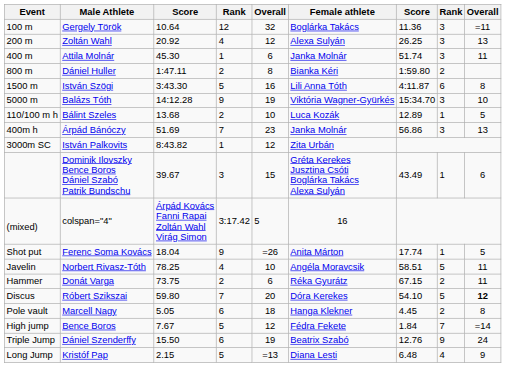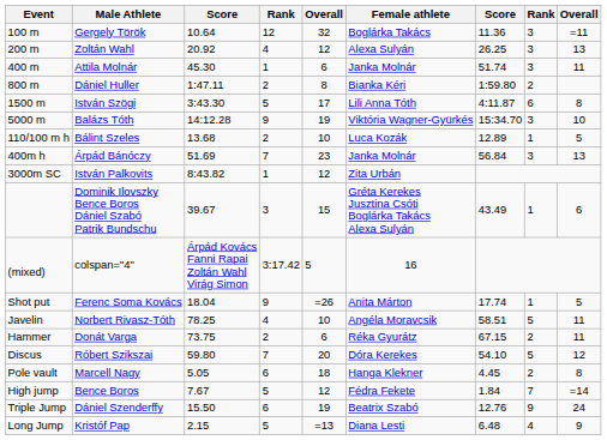 <table class="wikitable" style="text-align:left; font-size:90%">
 <tr>
 <th>Event</th>
 <th>Male Athlete</th>
 <th>Score</th>
 <th>Rank</th>
 <th>Overall</th>
 <th>Female athlete</th>
 <th>Score</th>
 <th>Rank</th>
 <th>Overall</th>
 </tr>
 <tr>
 <td align="left">100 m</td>
 <td><a href='#'>Gergely Török</a></td>
 <td>10.64</td>
 <td>12</td>
 <td align=center>32</td>
 <td><a href='#'>Boglárka Takács</a></td>
 <td>11.36</td>
 <td>3</td>
 <td align=center>=11</td>
 </tr>
 <tr>
 <td>200 m</td>
 <td><a href='#'>Zoltán Wahl</a></td>
 <td>20.92</td>
 <td>4</td>
 <td align=center>12</td>
 <td><a href='#'>Alexa Sulyán</a></td>
 <td>26.25</td>
 <td>3</td>
 <td align=center>13</td>
 </tr>
 <tr>
 <td>400 m</td>
 <td><a href='#'>Attila Molnár</a></td>
 <td>45.30</td>
 <td>1</td>
 <td align=center>6</td>
 <td><a href='#'>Janka Molnár</a></td>
 <td>51.74</td>
 <td>3</td>
 <td align=center>11</td>
 </tr>
 <tr>
 <td>800 m</td>
 <td><a href='#'>Dániel Huller</a></td>
 <td>1:47.11</td>
 <td>2</td>
 <td align=center>8</td>
 <td><a href='#'>Bianka Kéri</a></td>
 <td>1:59.80</td>
 <td>2</td>
 <td align=center></td>
 </tr>
 <tr>
 <td>1500 m</td>
 <td><a href='#'>István Szögi</a></td>
 <td>3:43.30</td>
 <td>5</td>
-<td align=center>16</td>
+<td align=center>17</td>
 <td><a href='#'>Lili Anna Tóth</a></td>
 <td>4:11.87</td>
 <td>6</td>
 <td align=center>8</td>
 </tr>
 <tr>
 <td>5000 m</td>
 <td><a href='#'>Balázs Tóth</a></td>
 <td>14:12.28</td>
 <td>9</td>
 <td align=center>19</td>
 <td><a href='#'>Viktória Wagner-Gyürkés</a></td>
 <td>15:34.70</td>
 <td>3</td>
 <td align=center>10</td>
 </tr>
 <tr>
 <td>110/100 m h</td>
 <td><a href='#'>Bálint Szeles</a></td>
 <td>13.68</td>
 <td>2</td>
 <td align=center>10</td>
 <td><a href='#'>Luca Kozák</a></td>
 <td>12.89</td>
 <td>1</td>
 <td align=center>5</td>
 </tr>
 <tr>
 <td>400m h</td>
 <td><a href='#'>Árpád Bánóczy</a></td>
 <td>51.69</td>
 <td>7</td>
 <td align=center>23</td>
 <td><a href='#'>Janka Molnár</a></td>
-<td>56.86</td>
+<td>56.84</td>
 <td>3</td>
 <td align=center>13</td>
 </tr>
 <tr>
 <td>3000m SC</td>
 <td><a href='#'>István Palkovits</a></td>
 <td>8:43.82</td>
 <td>1</td>
 <td align=center>12</td>
 <td><a href='#'>Zita Urbán</a></td>
 <td colspan=3 align=center></td>
 </tr>
 <tr>
 <td></td>
 <td><a href='#'>Dominik Ilovszky</a><br><a href='#'>Bence Boros</a><br><a href='#'>Dániel Szabó</a><br><a href='#'>Patrik Bundschu</a></td>
 <td>39.67</td>
 <td>3</td>
 <td align=center>15</td>
 <td><a href='#'>Gréta Kerekes</a><br><a href='#'>Jusztina Csóti</a><br><a href='#'>Boglárka Takács</a><br><a href='#'>Alexa Sulyán</a></td>
 <td>43.49</td>
 <td>1</td>
 <td align=center>6</td>
 </tr>
 <tr>
 <td><br>(mixed)</td>
 <td>colspan="4" </td>
 <td><a href='#'>Árpád Kovács</a><br><a href='#'>Fanni Rapai</a><br><a href='#'>Zoltán Wahl</a><br><a href='#'>Virág Simon</a></td>
 <td>3:17.42</td>
 <td>5</td>
 <td align=center>16</td>
 </tr>
 <tr>
 <td>Shot put</td>
 <td><a href='#'>Ferenc Soma Kovács</a></td>
 <td>18.04</td>
 <td>9</td>
 <td align=center>=26</td>
 <td><a href='#'>Anita Márton</a></td>
 <td>17.74</td>
 <td>1</td>
 <td align=center>5</td>
 </tr>
 <tr>
 <td>Javelin</td>
 <td><a href='#'>Norbert Rivasz-Tóth</a></td>
 <td>78.25</td>
 <td>4</td>
 <td align=center>10</td>
 <td><a href='#'>Angéla Moravcsik</a></td>
 <td>58.51</td>
 <td>5</td>
 <td align=center>11</td>
 </tr>
 <tr>
 <td>Hammer</td>
 <td><a href='#'>Donát Varga</a></td>
 <td>73.75</td>
 <td>2</td>
 <td align=center>6</td>
 <td><a href='#'>Réka Gyurátz</a></td>
 <td>67.15</td>
 <td>2</td>
 <td align=center>11</td>
 </tr>
 <tr>
 <td>Discus</td>
 <td><a href='#'>Róbert Szikszai</a></td>
 <td>59.80</td>
 <td>7</td>
 <td align=center>20</td>
 <td><a href='#'>Dóra Kerekes</a></td>
 <td>54.10</td>
 <td>5</td>
-<td align=center><strong>12</strong></td>
+<td align=center>12</td>
 </tr>
 <tr>
 <td>Pole vault</td>
 <td><a href='#'>Marcell Nagy</a></td>
 <td>5.05</td>
 <td>6</td>
 <td align=center>18</td>
 <td><a href='#'>Hanga Klekner</a></td>
 <td>4.45</td>
 <td>2</td>
 <td align=center>8</td>
 </tr>
 <tr>
 <td>High jump</td>
 <td><a href='#'>Bence Boros</a></td>
 <td>7.67</td>
 <td>5</td>
 <td align=center>12</td>
 <td><a href='#'>Fédra Fekete</a></td>
 <td>1.84</td>
 <td>7</td>
 <td align=center>=14</td>
 </tr>
 <tr>
 <td>Triple Jump</td>
 <td><a href='#'>Dániel Szenderffy</a></td>
 <td>15.50</td>
 <td>6</td>
 <td align=center>19</td>
 <td><a href='#'>Beatrix Szabó</a></td>
 <td>12.76</td>
 <td>9</td>
 <td align=center>24</td>
 </tr>
 <tr>
 <td>Long Jump</td>
 <td><a href='#'>Kristóf Pap</a></td>
 <td>2.15</td>
 <td>5</td>
 <td align=center>=13</td>
 <td><a href='#'>Diana Lesti</a></td>
 <td>6.48</td>
 <td>4</td>
 <td align=center>9</td>
 </tr>
 </table>
